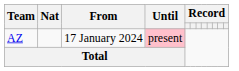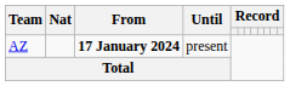 <table class=wikitable style="text-align: center">
 <tr>
 <th rowspan=2>Team</th>
 <th rowspan=2>Nat</th>
 <th rowspan=2>From</th>
 <th rowspan=2>Until</th>
 <th colspan=8>Record</th>
 </tr>
 <tr>
 <th></th>
 <th></th>
 <th></th>
 <th></th>
 <th></th>
 <th></th>
 <th></th>
 <th></th>
 </tr>
 <tr>
 <td align=left><a href='#'>AZ</a></td>
 <td></td>
-<td align=left>17 January 2024</td>
-<td align=left style="background: pink;">present<br></td>
+<td align=left><strong>17 January 2024</strong></td>
+<td align=left>present<br></td>
 </tr>
 <tr>
 <th colspan=4>Total<br></th>
 </tr>
 </table>
